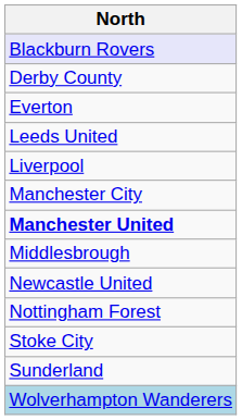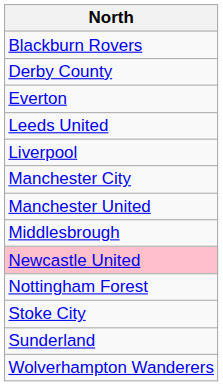 <table class="wikitable">
 <tr>
 <th>North</th>
 </tr>
 <tr>
-<td style="background: lavender;"><a href='#'>Blackburn Rovers</a></td>
+<td><a href='#'>Blackburn Rovers</a></td>
 </tr>
 <tr>
 <td><a href='#'>Derby County</a></td>
 </tr>
 <tr>
 <td><a href='#'>Everton</a></td>
 </tr>
 <tr>
 <td><a href='#'>Leeds United</a></td>
 </tr>
 <tr>
 <td><a href='#'>Liverpool</a></td>
 </tr>
 <tr>
 <td><a href='#'>Manchester City</a></td>
 </tr>
 <tr>
-<td><strong><a href='#'>Manchester United</a></strong></td>
+<td><a href='#'>Manchester United</a></td>
 </tr>
 <tr>
 <td><a href='#'>Middlesbrough</a></td>
 </tr>
 <tr>
-<td><a href='#'>Newcastle United</a></td>
+<td style="background: pink;"><a href='#'>Newcastle United</a></td>
 </tr>
 <tr>
 <td><a href='#'>Nottingham Forest</a></td>
 </tr>
 <tr>
 <td><a href='#'>Stoke City</a></td>
 </tr>
 <tr>
 <td><a href='#'>Sunderland</a></td>
 </tr>
 <tr>
-<td style="background: lightblue;"><a href='#'>Wolverhampton Wanderers</a></td>
+<td><a href='#'>Wolverhampton Wanderers</a></td>
 </tr>
 </table>
